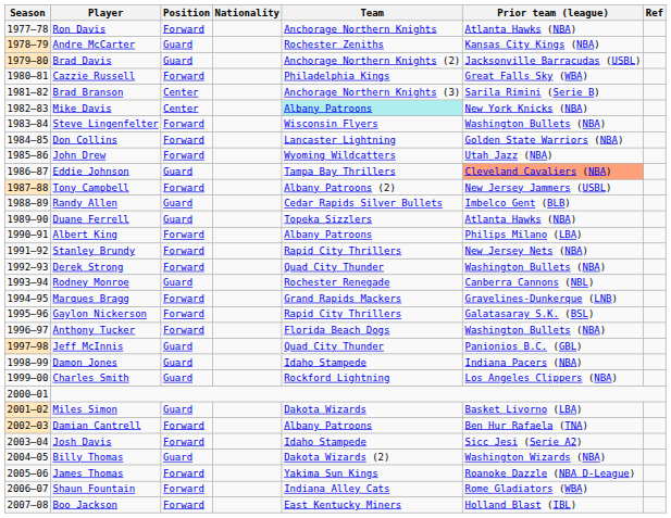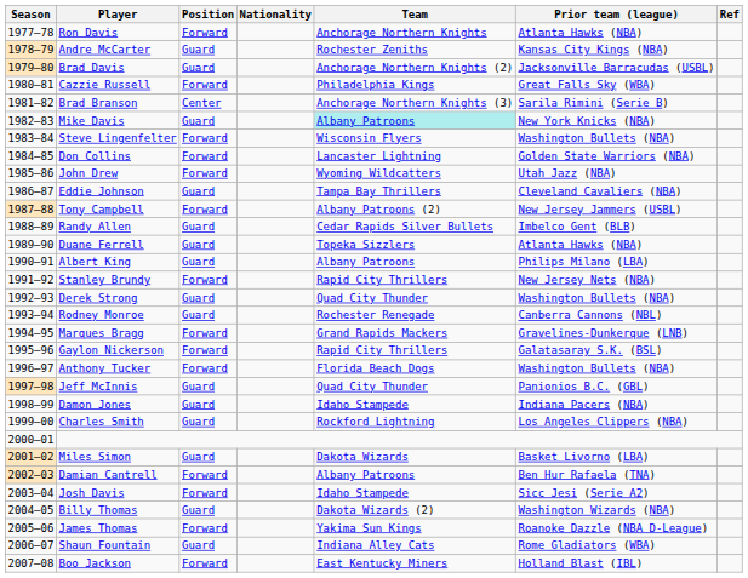 <table class="wikitable plainrowheaders sortable" summary="Season (sortable), Player (sortable), Position (sortable), Nationality (sortable), Team (sortable), Ref (unsortable)">
 <tr>
 <th scope="col">Season</th>
 <th scope="col">Player</th>
 <th scope="col">Position</th>
 <th scope="col">Nationality</th>
 <th scope="col">Team</th>
 <th scope="col">Prior team (league)</th>
 <th scope="col">Ref</th>
 </tr>
 <tr>
 <td>1977–78</td>
 <td><a href='#'>Ron Davis</a></td>
 <td><a href='#'>Forward</a></td>
 <td></td>
 <td><a href='#'>Anchorage Northern Knights</a></td>
 <td><a href='#'>Atlanta Hawks</a> (<a href='#'>NBA</a>)</td>
 <td></td>
 </tr>
 <tr>
 <td style="background-color:#FFE6BD; border:1px solid #aaaaaa;">1978–79</td>
 <td><a href='#'>Andre McCarter</a></td>
 <td><a href='#'>Guard</a></td>
 <td></td>
 <td><a href='#'>Rochester Zeniths</a></td>
 <td><a href='#'>Kansas City Kings</a> (<a href='#'>NBA</a>)</td>
 <td></td>
 </tr>
 <tr>
 <td style="background-color:#FFE6BD; border:1px solid #aaaaaa;">1979–80</td>
 <td><a href='#'>Brad Davis</a></td>
 <td><a href='#'>Guard</a></td>
 <td></td>
 <td><a href='#'>Anchorage Northern Knights</a> (2)</td>
 <td><a href='#'>Jacksonville Barracudas</a> (<a href='#'>USBL</a>)</td>
 <td></td>
 </tr>
 <tr>
 <td>1980–81</td>
 <td><a href='#'>Cazzie Russell</a></td>
 <td><a href='#'>Forward</a></td>
 <td></td>
 <td><a href='#'>Philadelphia Kings</a></td>
 <td><a href='#'>Great Falls Sky</a> (<a href='#'>WBA</a>)</td>
 <td></td>
 </tr>
 <tr>
 <td>1981–82</td>
 <td><a href='#'>Brad Branson</a></td>
 <td><a href='#'>Center</a></td>
 <td></td>
 <td><a href='#'>Anchorage Northern Knights</a> (3)</td>
 <td><a href='#'>Sarila Rimini</a> (<a href='#'>Serie B</a>)</td>
 <td></td>
 </tr>
 <tr>
 <td>1982–83</td>
 <td><a href='#'>Mike Davis</a></td>
-<td><a href='#'>Center</a></td>
+<td><a href='#'>Guard</a></td>
 <td></td>
 <td style="background: paleturquoise;"><a href='#'>Albany Patroons</a></td>
 <td><a href='#'>New York Knicks</a> (<a href='#'>NBA</a>)</td>
 <td></td>
 </tr>
 <tr>
 <td>1983–84</td>
 <td><a href='#'>Steve Lingenfelter</a></td>
 <td><a href='#'>Forward</a></td>
 <td></td>
 <td><a href='#'>Wisconsin Flyers</a></td>
 <td><a href='#'>Washington Bullets</a> (<a href='#'>NBA</a>)</td>
 <td></td>
 </tr>
 <tr>
 <td>1984–85</td>
 <td><a href='#'>Don Collins</a></td>
 <td><a href='#'>Forward</a></td>
 <td></td>
 <td><a href='#'>Lancaster Lightning</a></td>
 <td><a href='#'>Golden State Warriors</a> (<a href='#'>NBA</a>)</td>
 <td></td>
 </tr>
 <tr>
 <td>1985–86</td>
 <td><a href='#'>John Drew</a></td>
 <td><a href='#'>Forward</a></td>
 <td></td>
 <td><a href='#'>Wyoming Wildcatters</a></td>
 <td><a href='#'>Utah Jazz</a> (<a href='#'>NBA</a>)</td>
 <td></td>
 </tr>
 <tr>
 <td>1986–87</td>
 <td><a href='#'>Eddie Johnson</a></td>
 <td><a href='#'>Guard</a></td>
 <td></td>
 <td><a href='#'>Tampa Bay Thrillers</a></td>
-<td style="background: lightsalmon;"><a href='#'>Cleveland Cavaliers</a> (<a href='#'>NBA</a>)</td>
+<td><a href='#'>Cleveland Cavaliers</a> (<a href='#'>NBA</a>)</td>
 <td></td>
 </tr>
 <tr>
 <td style="background-color:#FFE6BD; border:1px solid #aaaaaa;">1987–88</td>
 <td><a href='#'>Tony Campbell</a></td>
 <td><a href='#'>Forward</a></td>
 <td></td>
 <td><a href='#'>Albany Patroons</a> (2)</td>
 <td><a href='#'>New Jersey Jammers</a> (<a href='#'>USBL</a>)</td>
 <td></td>
 </tr>
 <tr>
 <td>1988–89</td>
 <td><a href='#'>Randy Allen</a></td>
 <td><a href='#'>Guard</a></td>
 <td></td>
 <td><a href='#'>Cedar Rapids Silver Bullets</a></td>
 <td><a href='#'>Imbelco Gent</a> (<a href='#'>BLB</a>)</td>
 <td></td>
 </tr>
 <tr>
 <td>1989–90</td>
 <td><a href='#'>Duane Ferrell</a></td>
 <td><a href='#'>Guard</a></td>
 <td></td>
 <td><a href='#'>Topeka Sizzlers</a></td>
 <td><a href='#'>Atlanta Hawks</a> (<a href='#'>NBA</a>)</td>
 <td></td>
 </tr>
 <tr>
 <td>1990–91</td>
 <td><a href='#'>Albert King</a></td>
-<td><a href='#'>Forward</a></td>
+<td><a href='#'>Guard</a></td>
 <td></td>
 <td><a href='#'>Albany Patroons</a></td>
 <td><a href='#'>Philips Milano</a> (<a href='#'>LBA</a>)</td>
 <td></td>
 </tr>
 <tr>
 <td>1991–92</td>
 <td><a href='#'>Stanley Brundy</a></td>
 <td><a href='#'>Forward</a></td>
 <td></td>
 <td><a href='#'>Rapid City Thrillers</a></td>
 <td><a href='#'>New Jersey Nets</a> (<a href='#'>NBA</a>)</td>
 <td></td>
 </tr>
 <tr>
 <td>1992–93</td>
 <td><a href='#'>Derek Strong</a></td>
-<td><a href='#'>Forward</a></td>
+<td><a href='#'>Guard</a></td>
 <td></td>
 <td><a href='#'>Quad City Thunder</a></td>
 <td><a href='#'>Washington Bullets</a> (<a href='#'>NBA</a>)</td>
 <td></td>
 </tr>
 <tr>
 <td>1993–94</td>
 <td><a href='#'>Rodney Monroe</a></td>
 <td><a href='#'>Guard</a></td>
 <td></td>
 <td><a href='#'>Rochester Renegade</a></td>
 <td><a href='#'>Canberra Cannons</a> (<a href='#'>NBL</a>)</td>
 <td></td>
 </tr>
 <tr>
 <td>1994–95</td>
 <td><a href='#'>Marques Bragg</a></td>
 <td><a href='#'>Forward</a></td>
 <td></td>
 <td><a href='#'>Grand Rapids Mackers</a></td>
 <td><a href='#'>Gravelines-Dunkerque</a> (<a href='#'>LNB</a>)</td>
 <td></td>
 </tr>
 <tr>
 <td>1995–96</td>
 <td><a href='#'>Gaylon Nickerson</a></td>
 <td><a href='#'>Forward</a></td>
 <td></td>
 <td><a href='#'>Rapid City Thrillers</a></td>
 <td><a href='#'>Galatasaray S.K.</a> (<a href='#'>BSL</a>)</td>
 <td></td>
 </tr>
 <tr>
 <td>1996–97</td>
 <td><a href='#'>Anthony Tucker</a></td>
 <td><a href='#'>Forward</a></td>
 <td></td>
 <td><a href='#'>Florida Beach Dogs</a></td>
 <td><a href='#'>Washington Bullets</a> (<a href='#'>NBA</a>)</td>
 <td></td>
 </tr>
 <tr>
 <td style="background-color:#FFE6BD; border:1px solid #aaaaaa;">1997–98</td>
 <td><a href='#'>Jeff McInnis</a></td>
 <td><a href='#'>Guard</a></td>
 <td></td>
 <td><a href='#'>Quad City Thunder</a></td>
 <td><a href='#'>Panionios B.C.</a> (<a href='#'>GBL</a>)</td>
 <td></td>
 </tr>
 <tr>
 <td>1998–99</td>
 <td><a href='#'>Damon Jones</a></td>
 <td><a href='#'>Guard</a></td>
 <td></td>
 <td><a href='#'>Idaho Stampede</a></td>
 <td><a href='#'>Indiana Pacers</a> (<a href='#'>NBA</a>)</td>
 <td></td>
 </tr>
 <tr>
 <td>1999–00</td>
 <td><a href='#'>Charles Smith</a></td>
 <td><a href='#'>Guard</a></td>
 <td></td>
 <td><a href='#'>Rockford Lightning</a></td>
 <td><a href='#'>Los Angeles Clippers</a> (<a href='#'>NBA</a>)</td>
 <td></td>
 </tr>
 <tr>
 <td>2000–01</td>
 <td colspan="6" style="text-align: center;"></td>
 </tr>
 <tr>
 <td style="background-color:#FFE6BD; border:1px solid #aaaaaa;">2001–02</td>
 <td><a href='#'>Miles Simon</a></td>
 <td><a href='#'>Guard</a></td>
 <td></td>
 <td><a href='#'>Dakota Wizards</a></td>
 <td><a href='#'>Basket Livorno</a> (<a href='#'>LBA</a>)</td>
 <td></td>
 </tr>
 <tr>
 <td style="background-color:#FFE6BD; border:1px solid #aaaaaa;">2002–03</td>
 <td><a href='#'>Damian Cantrell</a></td>
 <td><a href='#'>Forward</a></td>
 <td></td>
 <td><a href='#'>Albany Patroons</a></td>
 <td><a href='#'>Ben Hur Rafaela</a> (<a href='#'>TNA</a>)</td>
 <td></td>
 </tr>
 <tr>
 <td>2003–04</td>
 <td><a href='#'>Josh Davis</a></td>
 <td><a href='#'>Forward</a></td>
 <td></td>
 <td><a href='#'>Idaho Stampede</a></td>
 <td><a href='#'>Sicc Jesi</a> (<a href='#'>Serie A2</a>)</td>
 <td></td>
 </tr>
 <tr>
 <td>2004–05</td>
 <td><a href='#'>Billy Thomas</a></td>
 <td><a href='#'>Guard</a></td>
 <td></td>
 <td><a href='#'>Dakota Wizards</a> (2)</td>
 <td><a href='#'>Washington Wizards</a> (<a href='#'>NBA</a>)</td>
 <td></td>
 </tr>
 <tr>
 <td>2005–06</td>
 <td><a href='#'>James Thomas</a></td>
 <td><a href='#'>Forward</a></td>
 <td></td>
 <td><a href='#'>Yakima Sun Kings</a></td>
 <td><a href='#'>Roanoke Dazzle</a> (<a href='#'>NBA D-League</a>)</td>
 <td></td>
 </tr>
 <tr>
 <td>2006–07</td>
 <td><a href='#'>Shaun Fountain</a></td>
-<td><a href='#'>Forward</a></td>
+<td><a href='#'>Guard</a></td>
 <td></td>
 <td><a href='#'>Indiana Alley Cats</a></td>
 <td><a href='#'>Rome Gladiators</a> (<a href='#'>WBA</a>)</td>
 <td></td>
 </tr>
 <tr>
 <td>2007–08</td>
 <td><a href='#'>Boo Jackson</a></td>
 <td><a href='#'>Forward</a></td>
 <td></td>
 <td><a href='#'>East Kentucky Miners</a></td>
 <td><a href='#'>Holland Blast</a> (<a href='#'>IBL</a>)</td>
 <td></td>
 </tr>
 </table>
